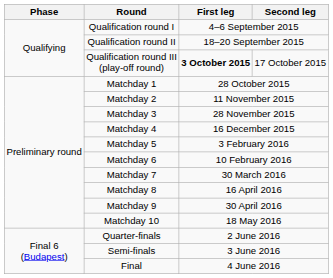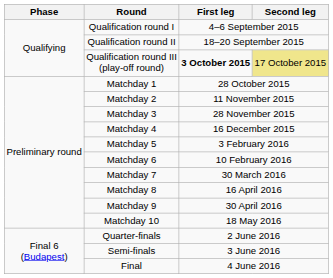 <table class="wikitable" style="text-align:center">
 <tr>
 <th>Phase</th>
 <th>Round</th>
 <th>First leg</th>
 <th>Second leg</th>
 </tr>
 <tr>
 <td rowspan=3>Qualifying</td>
 <td>Qualification round I</td>
 <td colspan=2>4–6 September 2015</td>
 </tr>
 <tr>
 <td>Qualification round II</td>
 <td colspan=2>18–20 September 2015</td>
 </tr>
 <tr>
 <td>Qualification round III <br> (play-off round)</td>
 <td><strong>3 October 2015</strong></td>
-<td>17 October 2015</td>
+<td style="background: khaki;">17 October 2015</td>
 </tr>
 <tr>
 <td rowspan=10>Preliminary round</td>
 <td>Matchday 1</td>
 <td colspan=2>28 October 2015</td>
 </tr>
 <tr>
 <td>Matchday 2</td>
 <td colspan=2>11 November 2015</td>
 </tr>
 <tr>
 <td>Matchday 3</td>
 <td colspan=2>28 November 2015</td>
 </tr>
 <tr>
 <td>Matchday 4</td>
 <td colspan=2>16 December 2015</td>
 </tr>
 <tr>
 <td>Matchday 5</td>
 <td colspan=2>3 February 2016</td>
 </tr>
 <tr>
 <td>Matchday 6</td>
 <td colspan=2>10 February 2016</td>
 </tr>
 <tr>
 <td>Matchday 7</td>
 <td colspan=2>30 March 2016</td>
 </tr>
 <tr>
 <td>Matchday 8</td>
 <td colspan=2>16 April 2016</td>
 </tr>
 <tr>
 <td>Matchday 9</td>
 <td colspan=2>30 April 2016</td>
 </tr>
 <tr>
 <td>Matchday 10</td>
 <td colspan=2>18 May 2016</td>
 </tr>
 <tr>
 <td rowspan=3>Final 6<br>(<a href='#'>Budapest</a>)</td>
 <td>Quarter-finals</td>
 <td colspan=2>2 June 2016</td>
 </tr>
 <tr>
 <td>Semi-finals</td>
 <td colspan=2>3 June 2016</td>
 </tr>
 <tr>
 <td>Final</td>
 <td colspan=2>4 June 2016</td>
 </tr>
 </table>
